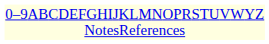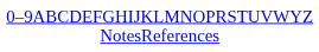 <table id="toc" class="toc" summary="Class" align="center" style="text-align:center;">
 <tr>
 <th></th>
 </tr>
 <tr>
-<td style="background: lightyellow;"><a href='#'>0–9</a><a href='#'>A</a><a href='#'>B</a><a href='#'>C</a><a href='#'>D</a><a href='#'>E</a><a href='#'>F</a><a href='#'>G</a><a href='#'>H</a><a href='#'>I</a><a href='#'>J</a><a href='#'>K</a><a href='#'>L</a><a href='#'>M</a><a href='#'>N</a><a href='#'>O</a><a href='#'>P</a><a href='#'>R</a><a href='#'>S</a><a href='#'>T</a><a href='#'>U</a><a href='#'>V</a><a href='#'>W</a><a href='#'>Y</a><a href='#'>Z</a><br><a href='#'>Notes</a><a href='#'>References</a></td>
+<td><a href='#'>0–9</a><a href='#'>A</a><a href='#'>B</a><a href='#'>C</a><a href='#'>D</a><a href='#'>E</a><a href='#'>F</a><a href='#'>G</a><a href='#'>H</a><a href='#'>I</a><a href='#'>J</a><a href='#'>K</a><a href='#'>L</a><a href='#'>M</a><a href='#'>N</a><a href='#'>O</a><a href='#'>P</a><a href='#'>R</a><a href='#'>S</a><a href='#'>T</a><a href='#'>U</a><a href='#'>V</a><a href='#'>W</a><a href='#'>Y</a><a href='#'>Z</a><br><a href='#'>Notes</a><a href='#'>References</a></td>
 </tr>
 </table>
